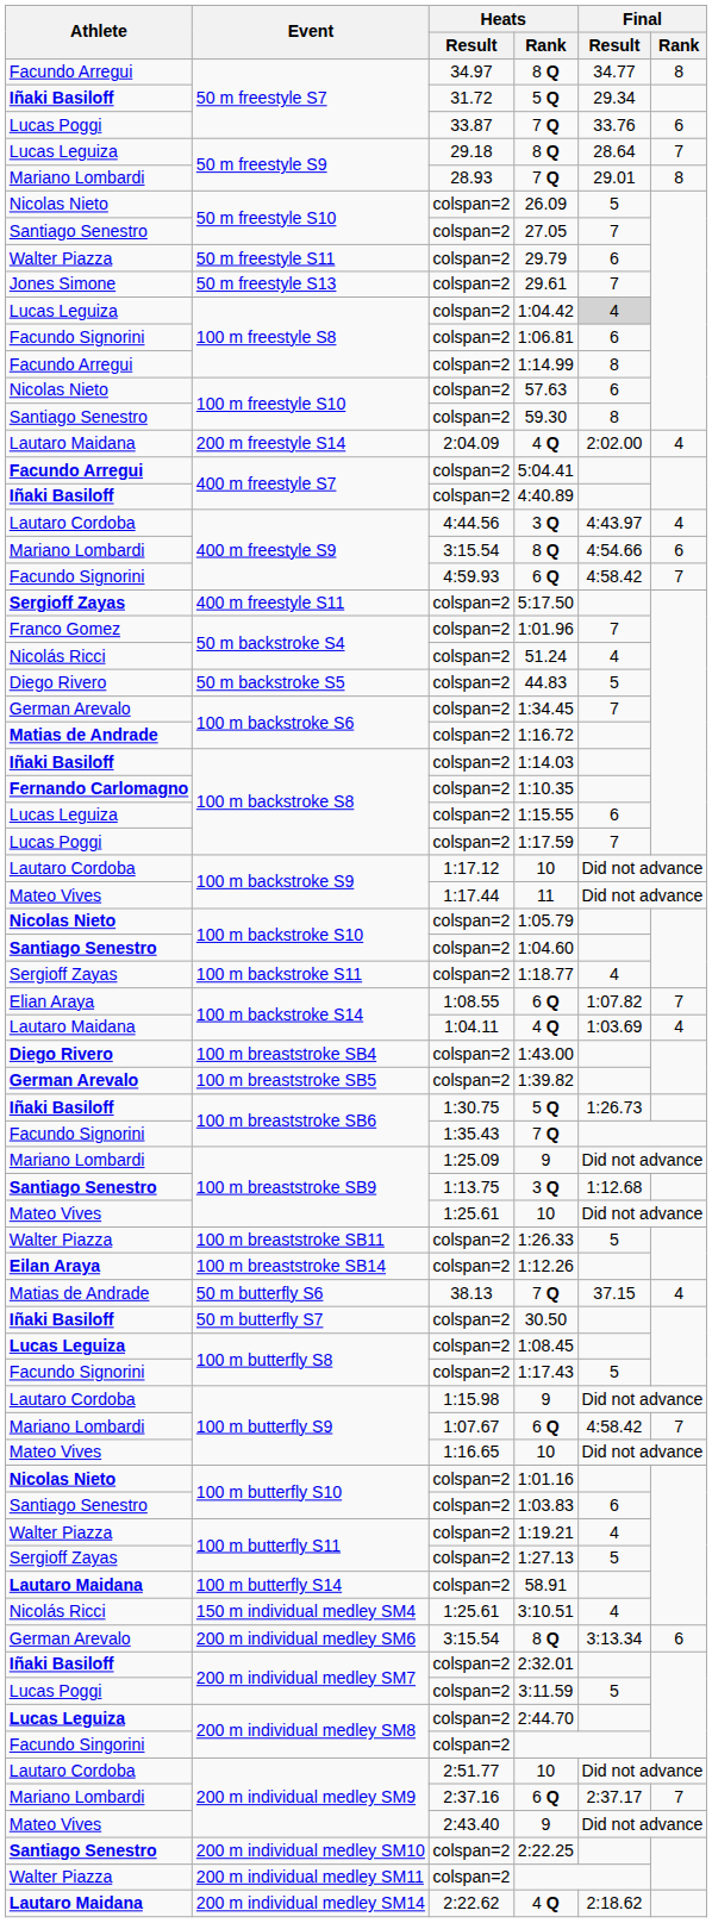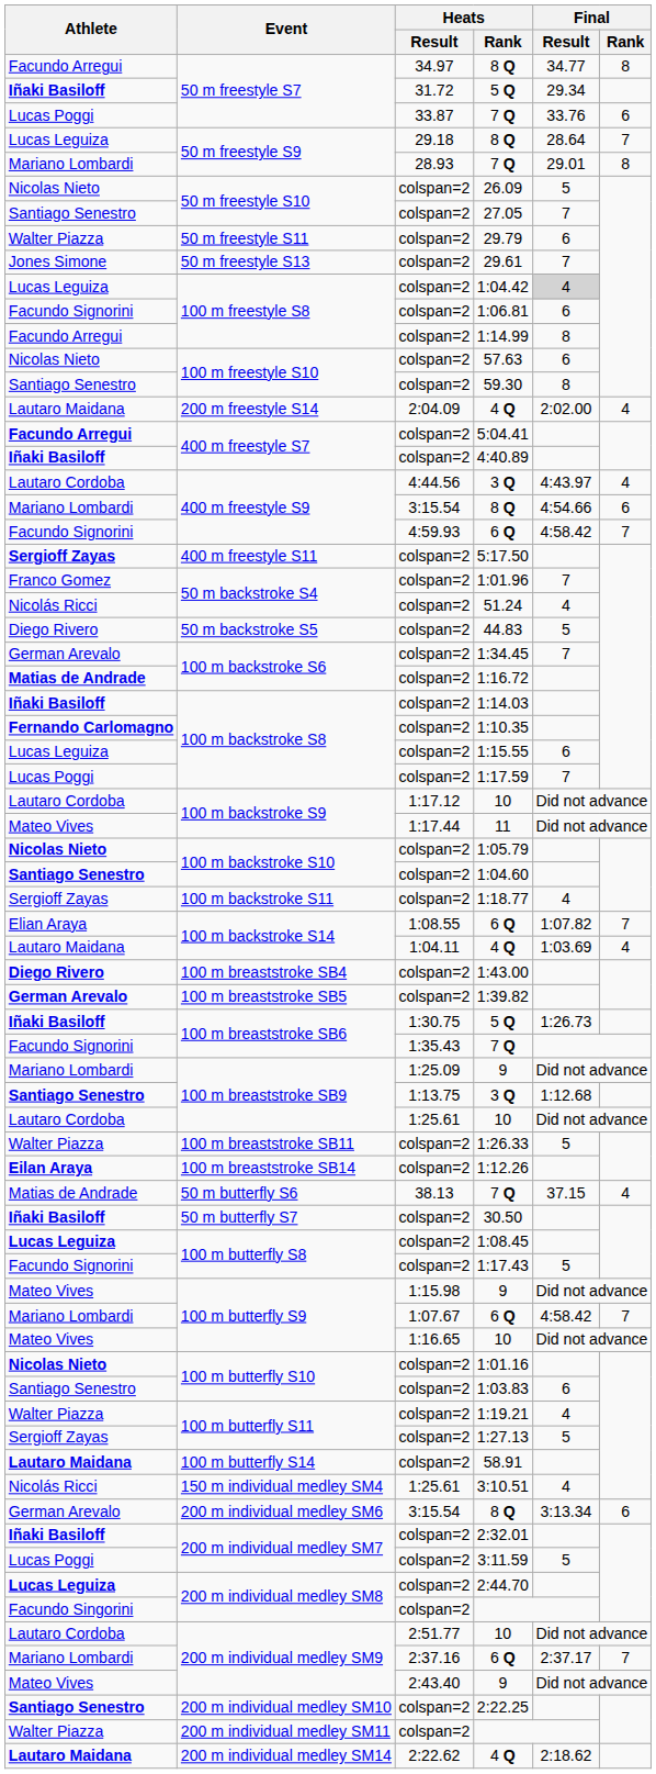 <table class=wikitable style="font-size:90%">
 <tr>
 <th rowspan="2">Athlete</th>
 <th rowspan="2">Event</th>
 <th colspan="2">Heats</th>
 <th colspan="2">Final</th>
 </tr>
 <tr>
 <th>Result</th>
 <th>Rank</th>
 <th>Result</th>
 <th>Rank</th>
 </tr>
 <tr align=center>
 <td align=left><a href='#'>Facundo Arregui</a></td>
 <td align=left rowspan=3><a href='#'>50 m freestyle S7</a></td>
 <td>34.97</td>
 <td>8 <strong>Q</strong></td>
 <td>34.77</td>
 <td>8</td>
 </tr>
 <tr align=center>
 <td align=left><strong><a href='#'>Iñaki Basiloff</a></strong></td>
 <td>31.72</td>
 <td>5 <strong>Q</strong></td>
 <td>29.34</td>
 <td></td>
 </tr>
 <tr align=center>
 <td align=left><a href='#'>Lucas Poggi</a></td>
 <td>33.87</td>
 <td>7 <strong>Q</strong></td>
 <td>33.76</td>
 <td>6</td>
 </tr>
 <tr align=center>
 <td align=left><a href='#'>Lucas Leguiza</a></td>
 <td align=left rowspan=2><a href='#'>50 m freestyle S9</a></td>
 <td>29.18</td>
 <td>8 <strong>Q</strong></td>
 <td>28.64</td>
 <td>7</td>
 </tr>
 <tr align=center>
 <td align=left><a href='#'>Mariano Lombardi</a></td>
 <td>28.93</td>
 <td>7 <strong>Q</strong></td>
 <td>29.01</td>
 <td>8</td>
 </tr>
 <tr align=center>
 <td align=left><a href='#'>Nicolas Nieto</a></td>
 <td align=left rowspan=2><a href='#'>50 m freestyle S10</a></td>
 <td>colspan=2 </td>
 <td>26.09</td>
 <td>5</td>
 </tr>
 <tr align=center>
 <td align=left><a href='#'>Santiago Senestro</a></td>
 <td>colspan=2 </td>
 <td>27.05</td>
 <td>7</td>
 </tr>
 <tr align=center>
 <td align=left><a href='#'>Walter Piazza</a></td>
 <td align=left><a href='#'>50 m freestyle S11</a></td>
 <td>colspan=2 </td>
 <td>29.79</td>
 <td>6</td>
 </tr>
 <tr align=center>
 <td align=left><a href='#'>Jones Simone</a></td>
 <td align=left><a href='#'>50 m freestyle S13</a></td>
 <td>colspan=2 </td>
 <td>29.61</td>
 <td>7</td>
 </tr>
 <tr align=center>
 <td align=left><a href='#'>Lucas Leguiza</a></td>
 <td align=left rowspan=3><a href='#'>100 m freestyle S8</a></td>
 <td>colspan=2 </td>
 <td>1:04.42</td>
 <td style="background: lightgrey;">4</td>
 </tr>
 <tr align=center>
 <td align=left><a href='#'>Facundo Signorini</a></td>
 <td>colspan=2 </td>
 <td>1:06.81</td>
 <td>6</td>
 </tr>
 <tr align=center>
 <td align=left><a href='#'>Facundo Arregui</a></td>
 <td>colspan=2 </td>
 <td>1:14.99</td>
 <td>8</td>
 </tr>
 <tr align=center>
 <td align=left><a href='#'>Nicolas Nieto</a></td>
 <td align=left rowspan=2><a href='#'>100 m freestyle S10</a></td>
 <td>colspan=2 </td>
 <td>57.63</td>
 <td>6</td>
 </tr>
 <tr align=center>
 <td align=left><a href='#'>Santiago Senestro</a></td>
 <td>colspan=2 </td>
 <td>59.30</td>
 <td>8</td>
 </tr>
 <tr align=center>
 <td align=left><a href='#'>Lautaro Maidana</a></td>
 <td align=left><a href='#'>200 m freestyle S14</a></td>
 <td>2:04.09</td>
 <td>4 <strong>Q</strong></td>
 <td>2:02.00</td>
 <td>4</td>
 </tr>
 <tr align=center>
 <td align=left><strong><a href='#'>Facundo Arregui</a></strong></td>
 <td align=left rowspan=2><a href='#'>400 m freestyle S7</a></td>
 <td>colspan=2 </td>
 <td>5:04.41</td>
 <td></td>
 </tr>
 <tr align=center>
 <td align=left><strong><a href='#'>Iñaki Basiloff</a></strong></td>
 <td>colspan=2 </td>
 <td>4:40.89</td>
 <td></td>
 </tr>
 <tr align=center>
 <td align=left><a href='#'>Lautaro Cordoba</a></td>
 <td align=left rowspan=3><a href='#'>400 m freestyle S9</a></td>
 <td>4:44.56</td>
 <td>3 <strong>Q</strong></td>
 <td>4:43.97</td>
 <td>4</td>
 </tr>
 <tr align=center>
 <td align=left><a href='#'>Mariano Lombardi</a></td>
 <td>3:15.54</td>
 <td>8 <strong>Q</strong></td>
 <td>4:54.66</td>
 <td>6</td>
 </tr>
 <tr align=center>
 <td align=left><a href='#'>Facundo Signorini</a></td>
 <td>4:59.93</td>
 <td>6 <strong>Q</strong></td>
 <td>4:58.42</td>
 <td>7</td>
 </tr>
 <tr align=center>
 <td align=left><strong><a href='#'>Sergioff Zayas</a></strong></td>
 <td align=left><a href='#'>400 m freestyle S11</a></td>
 <td>colspan=2 </td>
 <td>5:17.50</td>
 <td></td>
 </tr>
 <tr align=center>
 <td align=left><a href='#'>Franco Gomez</a></td>
 <td align=left rowspan=2><a href='#'>50 m backstroke S4</a></td>
 <td>colspan=2 </td>
 <td>1:01.96</td>
 <td>7</td>
 </tr>
 <tr align=center>
 <td align=left><a href='#'>Nicolás Ricci</a></td>
 <td>colspan=2 </td>
 <td>51.24</td>
 <td>4</td>
 </tr>
 <tr align=center>
 <td align=left><a href='#'>Diego Rivero</a></td>
 <td align=left><a href='#'>50 m backstroke S5</a></td>
 <td>colspan=2 </td>
 <td>44.83</td>
 <td>5</td>
 </tr>
 <tr align=center>
 <td align=left><a href='#'>German Arevalo</a></td>
 <td align=left rowspan=2><a href='#'>100 m backstroke S6</a></td>
 <td>colspan=2 </td>
 <td>1:34.45</td>
 <td>7</td>
 </tr>
 <tr align=center>
 <td align=left><strong><a href='#'>Matias de Andrade</a></strong></td>
 <td>colspan=2 </td>
 <td>1:16.72</td>
 <td></td>
 </tr>
 <tr align=center>
 <td align=left><strong><a href='#'>Iñaki Basiloff</a></strong></td>
 <td align=left rowspan=4><a href='#'>100 m backstroke S8</a></td>
 <td>colspan=2 </td>
 <td>1:14.03</td>
 <td></td>
 </tr>
 <tr align=center>
 <td align=left><strong><a href='#'>Fernando Carlomagno</a></strong></td>
 <td>colspan=2 </td>
 <td>1:10.35</td>
 <td></td>
 </tr>
 <tr align=center>
 <td align=left><a href='#'>Lucas Leguiza</a></td>
 <td>colspan=2 </td>
 <td>1:15.55</td>
 <td>6</td>
 </tr>
 <tr align=center>
 <td align=left><a href='#'>Lucas Poggi</a></td>
 <td>colspan=2 </td>
 <td>1:17.59</td>
 <td>7</td>
 </tr>
 <tr align=center>
 <td align=left><a href='#'>Lautaro Cordoba</a></td>
 <td align=left rowspan=2><a href='#'>100 m backstroke S9</a></td>
 <td>1:17.12</td>
 <td>10</td>
 <td colspan=2>Did not advance</td>
 </tr>
 <tr align=center>
 <td align=left><a href='#'>Mateo Vives</a></td>
 <td>1:17.44</td>
 <td>11</td>
 <td colspan=2>Did not advance</td>
 </tr>
 <tr align=center>
 <td align=left><strong><a href='#'>Nicolas Nieto</a></strong></td>
 <td align=left rowspan=2><a href='#'>100 m backstroke S10</a></td>
 <td>colspan=2 </td>
 <td>1:05.79</td>
 <td></td>
 </tr>
 <tr align=center>
 <td align=left><strong><a href='#'>Santiago Senestro</a></strong></td>
 <td>colspan=2 </td>
 <td>1:04.60</td>
 <td></td>
 </tr>
 <tr align=center>
 <td align=left><a href='#'>Sergioff Zayas</a></td>
 <td align=left><a href='#'>100 m backstroke S11</a></td>
 <td>colspan=2 </td>
 <td>1:18.77</td>
 <td>4</td>
 </tr>
 <tr align=center>
 <td align=left><a href='#'>Elian Araya</a></td>
 <td align=left rowspan=2><a href='#'>100 m backstroke S14</a></td>
 <td>1:08.55</td>
 <td>6 <strong>Q</strong></td>
 <td>1:07.82</td>
 <td>7</td>
 </tr>
 <tr align=center>
 <td align=left><a href='#'>Lautaro Maidana</a></td>
 <td>1:04.11</td>
 <td>4 <strong>Q</strong></td>
 <td>1:03.69</td>
 <td>4</td>
 </tr>
 <tr align=center>
 <td align=left><strong><a href='#'>Diego Rivero</a></strong></td>
 <td align=left><a href='#'>100 m breaststroke SB4</a></td>
 <td>colspan=2 </td>
 <td>1:43.00</td>
 <td></td>
 </tr>
 <tr align=center>
 <td align=left><strong><a href='#'>German Arevalo</a></strong></td>
 <td align=left><a href='#'>100 m breaststroke SB5</a></td>
 <td>colspan=2 </td>
 <td>1:39.82</td>
 <td></td>
 </tr>
 <tr align=center>
 <td align=left><strong><a href='#'>Iñaki Basiloff</a></strong></td>
 <td align=left rowspan=2><a href='#'>100 m breaststroke SB6</a></td>
 <td>1:30.75</td>
 <td>5 <strong>Q</strong></td>
 <td>1:26.73</td>
 <td></td>
 </tr>
 <tr align=center>
 <td align=left><a href='#'>Facundo Signorini</a></td>
 <td>1:35.43</td>
 <td>7 <strong>Q</strong></td>
 <td colspan="2"></td>
 </tr>
 <tr align=center>
 <td align=left><a href='#'>Mariano Lombardi</a></td>
 <td align=left rowspan=3><a href='#'>100 m breaststroke SB9</a></td>
 <td>1:25.09</td>
 <td>9</td>
 <td colspan=2>Did not advance</td>
 </tr>
 <tr align=center>
 <td align=left><strong><a href='#'>Santiago Senestro</a></strong></td>
 <td>1:13.75</td>
 <td>3 <strong>Q</strong></td>
 <td>1:12.68</td>
 <td></td>
 </tr>
 <tr align=center>
-<td align=left><a href='#'>Mateo Vives</a></td>
+<td align=left><a href='#'>Lautaro Cordoba</a></td>
 <td>1:25.61</td>
 <td>10</td>
 <td colspan=2>Did not advance</td>
 </tr>
 <tr align=center>
 <td align=left><a href='#'>Walter Piazza</a></td>
 <td align=left><a href='#'>100 m breaststroke SB11</a></td>
 <td>colspan=2 </td>
 <td>1:26.33</td>
 <td>5</td>
 </tr>
 <tr align=center>
 <td align=left><strong><a href='#'>Eilan Araya</a></strong></td>
 <td align=left><a href='#'>100 m breaststroke SB14</a></td>
 <td>colspan=2 </td>
 <td>1:12.26</td>
 <td></td>
 </tr>
 <tr align=center>
 <td align=left><a href='#'>Matias de Andrade</a></td>
 <td align=left><a href='#'>50 m butterfly S6</a></td>
 <td>38.13</td>
 <td>7 <strong>Q</strong></td>
 <td>37.15</td>
 <td>4</td>
 </tr>
 <tr align=center>
 <td align=left><strong><a href='#'>Iñaki Basiloff</a></strong></td>
 <td align=left><a href='#'>50 m butterfly S7</a></td>
 <td>colspan=2 </td>
 <td>30.50</td>
 <td></td>
 </tr>
 <tr align=center>
 <td align=left><strong><a href='#'>Lucas Leguiza</a></strong></td>
 <td align=left rowspan=2><a href='#'>100 m butterfly S8</a></td>
 <td>colspan=2 </td>
 <td>1:08.45</td>
 <td></td>
 </tr>
 <tr align=center>
 <td align=left><a href='#'>Facundo Signorini</a></td>
 <td>colspan=2 </td>
 <td>1:17.43</td>
 <td>5</td>
 </tr>
 <tr align=center>
-<td align=left><a href='#'>Lautaro Cordoba</a></td>
+<td align=left><a href='#'>Mateo Vives</a></td>
 <td align=left rowspan=3><a href='#'>100 m butterfly S9</a></td>
 <td>1:15.98</td>
 <td>9</td>
 <td colspan=2>Did not advance</td>
 </tr>
 <tr align=center>
 <td align=left><a href='#'>Mariano Lombardi</a></td>
 <td>1:07.67</td>
 <td>6 <strong>Q</strong></td>
 <td>4:58.42</td>
 <td>7</td>
 </tr>
 <tr align=center>
 <td align=left><a href='#'>Mateo Vives</a></td>
 <td>1:16.65</td>
 <td>10</td>
 <td colspan=2>Did not advance</td>
 </tr>
 <tr align=center>
 <td align=left><strong><a href='#'>Nicolas Nieto</a></strong></td>
 <td align=left rowspan=2><a href='#'>100 m butterfly S10</a></td>
 <td>colspan=2 </td>
 <td>1:01.16</td>
 <td></td>
 </tr>
 <tr align=center>
 <td align=left><a href='#'>Santiago Senestro</a></td>
 <td>colspan=2 </td>
 <td>1:03.83</td>
 <td>6</td>
 </tr>
 <tr align=center>
 <td align=left><a href='#'>Walter Piazza</a></td>
 <td align=left rowspan=2><a href='#'>100 m butterfly S11</a></td>
 <td>colspan=2 </td>
 <td>1:19.21</td>
 <td>4</td>
 </tr>
 <tr align=center>
 <td align=left><a href='#'>Sergioff Zayas</a></td>
 <td>colspan=2 </td>
 <td>1:27.13</td>
 <td>5</td>
 </tr>
 <tr align=center>
 <td align=left><strong><a href='#'>Lautaro Maidana</a></strong></td>
 <td align=left><a href='#'>100 m butterfly S14</a></td>
 <td>colspan=2 </td>
 <td>58.91</td>
 <td></td>
 </tr>
 <tr align=center>
 <td align=left><a href='#'>Nicolás Ricci</a></td>
 <td align=left><a href='#'>150 m individual medley SM4</a></td>
 <td>1:25.61</td>
 <td>3:10.51</td>
 <td>4</td>
 </tr>
 <tr align=center>
 <td align=left><a href='#'>German Arevalo</a></td>
 <td align=left><a href='#'>200 m individual medley SM6</a></td>
 <td>3:15.54</td>
 <td>8 <strong>Q</strong></td>
 <td>3:13.34</td>
 <td>6</td>
 </tr>
 <tr align=center>
 <td align=left><strong><a href='#'>Iñaki Basiloff</a></strong></td>
 <td align=left rowspan=2><a href='#'>200 m individual medley SM7</a></td>
 <td>colspan=2 </td>
 <td>2:32.01</td>
 <td></td>
 </tr>
 <tr align=center>
 <td align=left><a href='#'>Lucas Poggi</a></td>
 <td>colspan=2 </td>
 <td>3:11.59</td>
 <td>5</td>
 </tr>
 <tr align=center>
 <td align=left><strong><a href='#'>Lucas Leguiza</a></strong></td>
 <td align=left rowspan=2><a href='#'>200 m individual medley SM8</a></td>
 <td>colspan=2 </td>
 <td>2:44.70</td>
 <td></td>
 </tr>
 <tr align=center>
 <td align=left><a href='#'>Facundo Singorini</a></td>
 <td>colspan=2 </td>
 <td colspan=2></td>
 </tr>
 <tr align=center>
 <td align=left><a href='#'>Lautaro Cordoba</a></td>
 <td align=left rowspan=3><a href='#'>200 m individual medley SM9</a></td>
 <td>2:51.77</td>
 <td>10</td>
 <td colspan=2>Did not advance</td>
 </tr>
 <tr align=center>
 <td align=left><a href='#'>Mariano Lombardi</a></td>
 <td>2:37.16</td>
 <td>6 <strong>Q</strong></td>
 <td>2:37.17</td>
 <td>7</td>
 </tr>
 <tr align=center>
 <td align=left><a href='#'>Mateo Vives</a></td>
 <td>2:43.40</td>
 <td>9</td>
 <td colspan=2>Did not advance</td>
 </tr>
 <tr align=center>
 <td align=left><strong><a href='#'>Santiago Senestro</a></strong></td>
 <td align=left><a href='#'>200 m individual medley SM10</a></td>
 <td>colspan=2 </td>
 <td>2:22.25</td>
 <td></td>
 </tr>
 <tr align=center>
 <td align=left><a href='#'>Walter Piazza</a></td>
 <td align=left><a href='#'>200 m individual medley SM11</a></td>
 <td>colspan=2 </td>
 <td colspan=2></td>
 </tr>
 <tr align=center>
 <td align=left><strong><a href='#'>Lautaro Maidana</a></strong></td>
 <td align=left><a href='#'>200 m individual medley SM14</a></td>
 <td>2:22.62</td>
 <td>4 <strong>Q</strong></td>
 <td>2:18.62</td>
 <td></td>
 </tr>
 </table>
